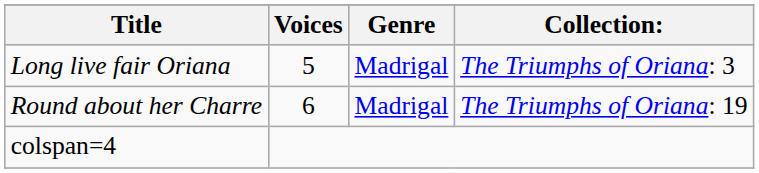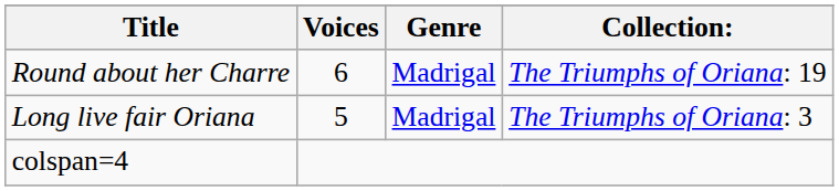 <table class = "wikitable sortable plainrowheaders">
 <tr>
 </tr>
 <tr>
 <th scope="col">Title</th>
 <th scope="col">Voices</th>
 <th scope="col">Genre</th>
 <th scope="col">Collection: </th>
 </tr>
 <tr>
+<td><em>Round about her Charre</em></td>
+<td style="text-align: center;">6</td>
+<td><a href='#'>Madrigal</a></td>
+<td><em><a href='#'>The Triumphs of Oriana</a></em>: 19</td>
+</tr>
+<tr>
 <td><em>Long live fair Oriana</em></td>
 <td style="text-align: center;">5</td>
 <td><a href='#'>Madrigal</a></td>
 <td><em><a href='#'>The Triumphs of Oriana</a></em>: 3</td>
 </tr>
 <tr>
-<td><em>Round about her Charre</em></td>
-<td style="text-align: center;">6</td>
-<td><a href='#'>Madrigal</a></td>
-<td><em><a href='#'>The Triumphs of Oriana</a></em>: 19</td>
-</tr>
-<tr>
 <td>colspan=4 </td>
 </tr>
 </table>
